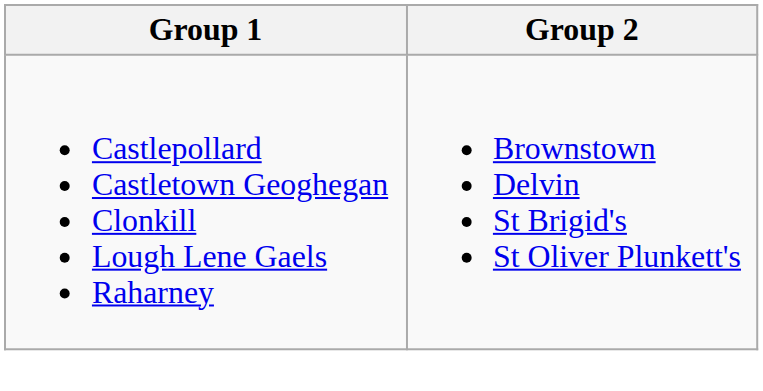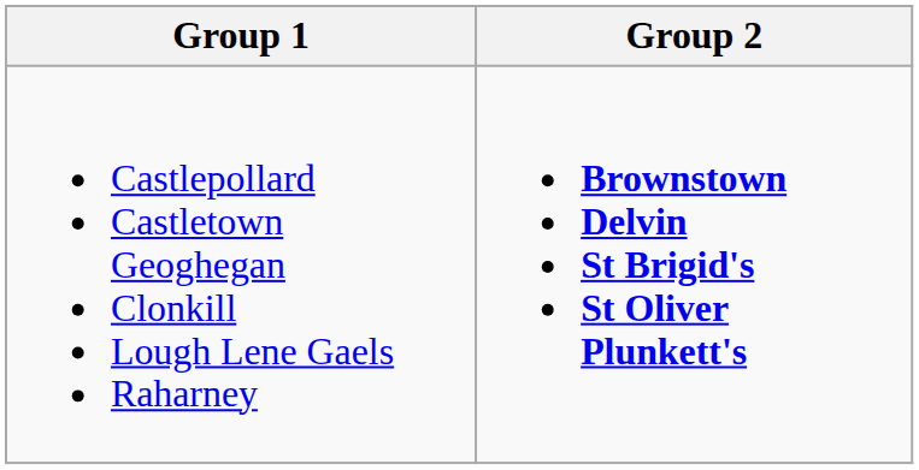 <table class="wikitable" width=30%>
 <tr>
 <th>Group 1</th>
 <th>Group 2</th>
 </tr>
 <tr valign=top>
 <td><br><ul><li><a href='#'>Castlepollard</a></li><li><a href='#'>Castletown Geoghegan</a></li><li><a href='#'>Clonkill</a></li><li><a href='#'>Lough Lene Gaels</a></li><li><a href='#'>Raharney</a></li></ul></td>
-<td><br><ul><li><a href='#'>Brownstown</a></li><li><a href='#'>Delvin</a></li><li><a href='#'>St Brigid's</a></li><li><a href='#'>St Oliver Plunkett's</a></li></ul></td>
+<td><strong><br><ul><li><a href='#'>Brownstown</a></li><li><a href='#'>Delvin</a></li><li><a href='#'>St Brigid's</a></li><li><a href='#'>St Oliver Plunkett's</a></li></ul></strong></td>
 </tr>
 </table>
